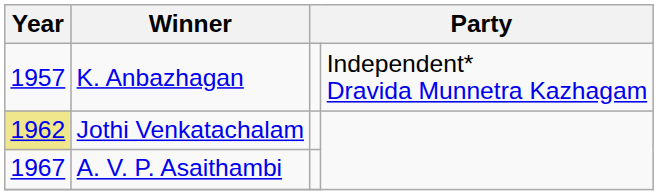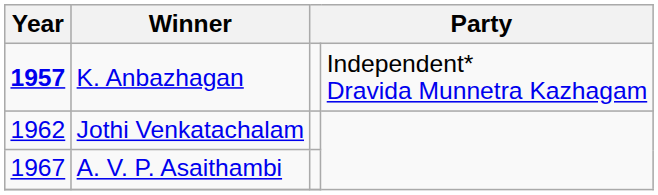 <table class="wikitable sortable">
 <tr>
 <th>Year</th>
 <th>Winner</th>
 <th colspan="2">Party</th>
 </tr>
 <tr --->
-<td><a href='#'>1957</a></td>
+<td><strong><a href='#'>1957</a></strong></td>
 <td><a href='#'>K. Anbazhagan</a></td>
 <td></td>
 <td>Independent*<br><a href='#'>Dravida Munnetra Kazhagam</a></td>
 </tr>
 <tr>
-<td style="background: khaki;"><a href='#'>1962</a></td>
+<td><a href='#'>1962</a></td>
 <td><a href='#'>Jothi Venkatachalam</a></td>
 <td></td>
 </tr>
 <tr>
 <td><a href='#'>1967</a></td>
 <td><a href='#'>A. V. P. Asaithambi</a></td>
 <td></td>
 </tr>
 <tr>
 </tr>
 </table>
